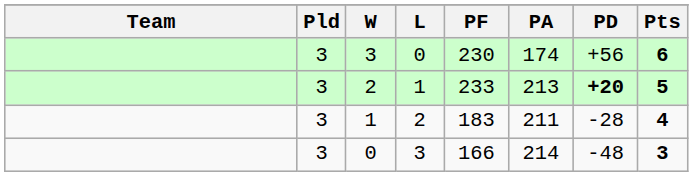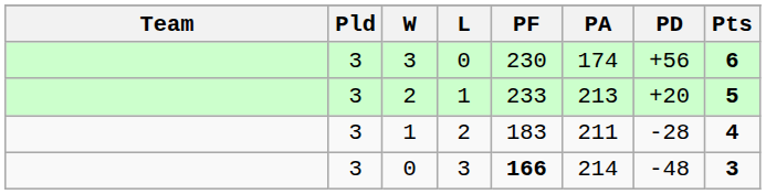 <table class=wikitable>
 <tr align=center>
 </tr>
 <tr>
 <th width=180>Team</th>
 <th width=25>Pld</th>
 <th width=25>W</th>
 <th width=25>L</th>
 <th width=35>PF</th>
 <th width=35>PA</th>
 <th width=35>PD</th>
 <th width=25>Pts</th>
 </tr>
 <tr align=center bgcolor="#ccffcc">
 <td align=left></td>
 <td>3</td>
 <td>3</td>
 <td>0</td>
 <td>230</td>
 <td>174</td>
 <td>+56</td>
 <td><strong>6</strong></td>
 </tr>
 <tr align=center bgcolor="#ccffcc">
 <td align=left></td>
 <td>3</td>
 <td>2</td>
 <td>1</td>
 <td>233</td>
 <td>213</td>
-<td><strong>+20</strong></td>
+<td>+20</td>
 <td><strong>5</strong></td>
 </tr>
 <tr align=center>
 <td align=left></td>
 <td>3</td>
 <td>1</td>
 <td>2</td>
 <td>183</td>
 <td>211</td>
 <td>-28</td>
 <td><strong>4</strong></td>
 </tr>
 <tr align=center>
 <td align=left></td>
 <td>3</td>
 <td>0</td>
 <td>3</td>
-<td>166</td>
+<td><strong>166</strong></td>
 <td>214</td>
 <td>-48</td>
 <td><strong>3</strong></td>
 </tr>
 </table>
